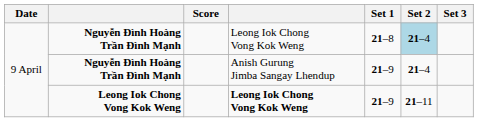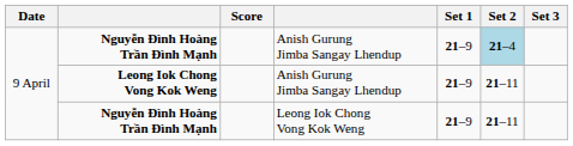 <table class="wikitable" style="text-align: center; font-size:90%">
 <tr>
 <th width="60">Date</th>
 <th align="right" width="230"></th>
 <th width="60">Score</th>
 <th align="left" width="230"></th>
 <th width="50">Set 1</th>
 <th width="50">Set 2</th>
 <th width="50">Set 3</th>
 </tr>
 <tr>
 <td rowspan="3">9 April</td>
 <td align="right"><strong>Nguyễn Đình Hoàng <br>Trần Đình Mạnh </strong></td>
 <td></td>
-<td align="left"> Leong Iok Chong<br> Vong Kok Weng</td>
-<td><strong>21</strong>–8</td>
+<td align="left"> Anish Gurung<br> Jimba Sangay Lhendup</td>
+<td><strong>21</strong>–9</td>
 <td style="background: lightblue;"><strong>21</strong>–4</td>
+<td></td>
+</tr>
+<tr>
+<td align="right"><strong>Leong Iok Chong <br>Vong Kok Weng </strong></td>
+<td></td>
+<td align="left"> Anish Gurung<br> Jimba Sangay Lhendup</td>
+<td><strong>21</strong>–9</td>
+<td><strong>21</strong>–11</td>
 <td></td>
 </tr>
 <tr>
 <td align="right"><strong>Nguyễn Đình Hoàng <br>Trần Đình Mạnh </strong></td>
 <td></td>
-<td align="left"> Anish Gurung<br> Jimba Sangay Lhendup</td>
-<td><strong>21</strong>–9</td>
-<td><strong>21</strong>–4</td>
-<td></td>
-</tr>
-<tr>
-<td align="right"><strong>Leong Iok Chong <br>Vong Kok Weng </strong></td>
-<td></td>
-<td align="left"><strong> Leong Iok Chong<br> Vong Kok Weng</strong></td>
+<td align="left"> Leong Iok Chong<br> Vong Kok Weng</td>
 <td><strong>21</strong>–9</td>
 <td><strong>21</strong>–11</td>
 <td></td>
 </tr>
 </table>
